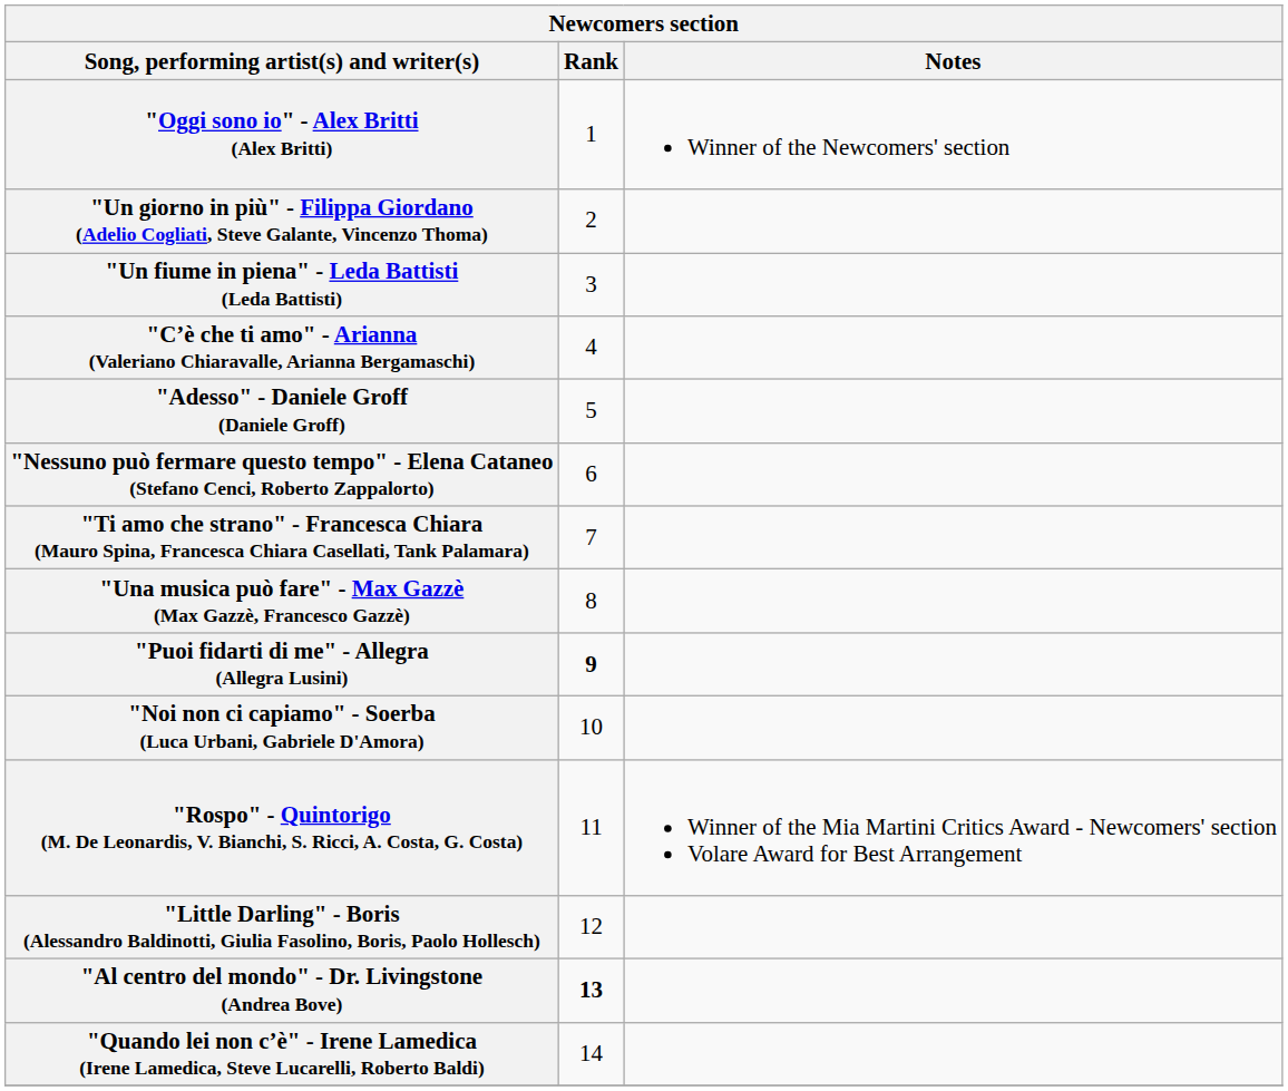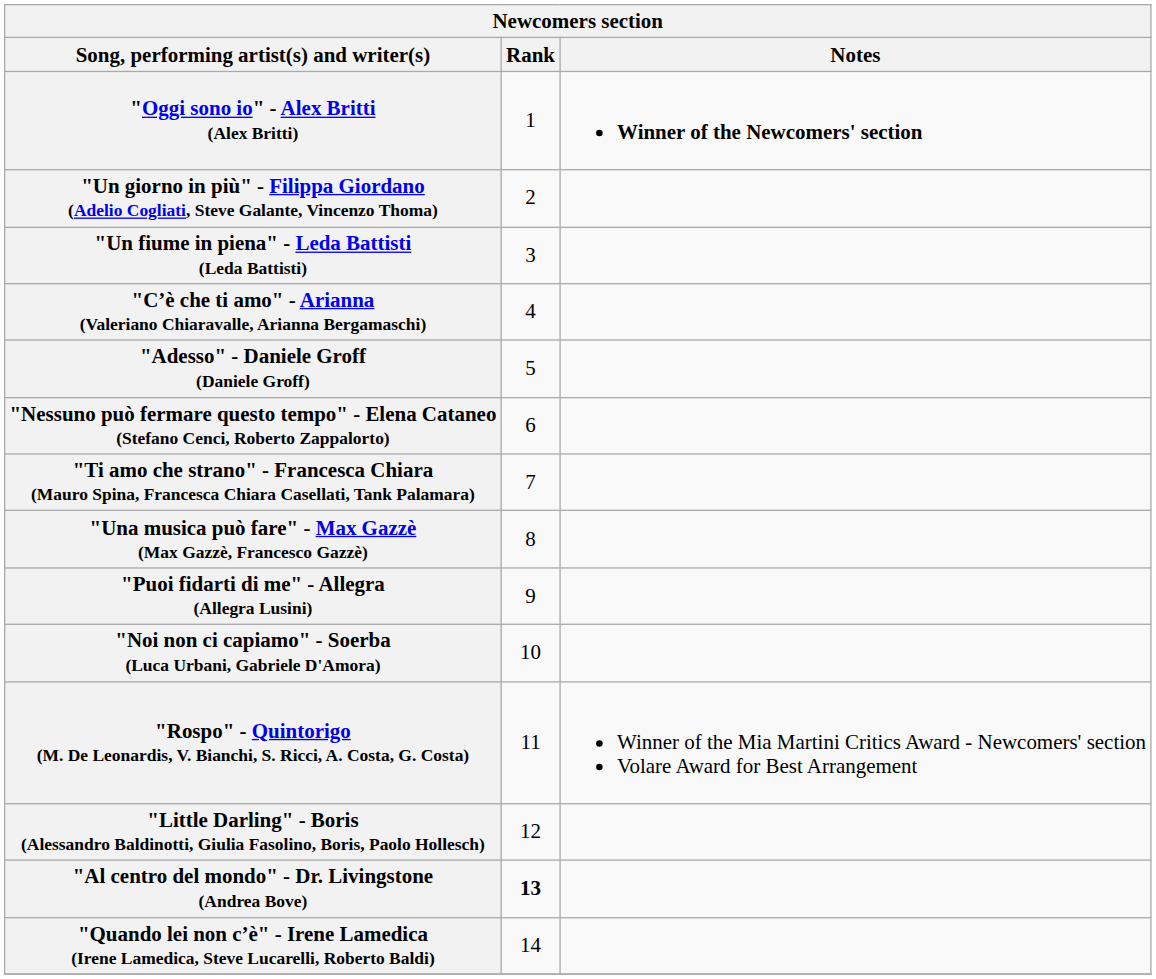 <table class="plainrowheaders wikitable">
 <tr>
 <th colspan="3">Newcomers section</th>
 </tr>
 <tr>
 <th>Song, performing artist(s) and writer(s)</th>
 <th>Rank</th>
 <th>Notes</th>
 </tr>
 <tr>
 <th scope="row">"<a href='#'>Oggi sono io</a>" - <a href='#'>Alex Britti</a>   <br><small> (Alex Britti)</small></th>
 <td style="text-align:center;">1</td>
-<td><br><ul><li>Winner of the Newcomers' section</li></ul></td>
+<td><strong><br><ul><li>Winner of the Newcomers' section</li></ul></strong></td>
 </tr>
 <tr>
 <th scope="row">"Un giorno in più" -  <a href='#'>Filippa Giordano</a> <br><small>  	(<a href='#'>Adelio Cogliati</a>, Steve Galante,  Vincenzo Thoma)</small></th>
 <td style="text-align:center;">2</td>
 <td></td>
 </tr>
 <tr>
 <th scope="row">"Un fiume in piena" -  <a href='#'>Leda Battisti</a> <br><small> (Leda Battisti)</small></th>
 <td style="text-align:center;">3</td>
 <td></td>
 </tr>
 <tr>
 <th scope="row">"C’è che ti amo" -  <a href='#'>Arianna</a> <br><small>(Valeriano Chiaravalle, Arianna Bergamaschi)</small></th>
 <td style="text-align:center;">4</td>
 <td></td>
 </tr>
 <tr>
 <th scope="row">"Adesso" -  Daniele Groff <br><small> (Daniele Groff)</small></th>
 <td style="text-align:center;">5</td>
 <td></td>
 </tr>
 <tr>
 <th scope="row">"Nessuno può fermare questo tempo" -  Elena Cataneo  <br><small> (Stefano Cenci, Roberto Zappalorto) </small></th>
 <td style="text-align:center;">6</td>
 <td></td>
 </tr>
 <tr>
 <th scope="row">"Ti amo che strano" -  Francesca Chiara<br><small> (Mauro Spina, Francesca Chiara Casellati, Tank Palamara)</small></th>
 <td style="text-align:center;">7</td>
 <td></td>
 </tr>
 <tr>
 <th scope="row">"Una musica può fare" -  <a href='#'>Max Gazzè</a> <br><small> (Max Gazzè, Francesco Gazzè)</small></th>
 <td style="text-align:center;">8</td>
 <td></td>
 </tr>
 <tr>
 <th scope="row">"Puoi fidarti di me" -  Allegra <br><small> (Allegra Lusini)</small></th>
-<td style="text-align:center;"><strong>9</strong></td>
+<td style="text-align:center;">9</td>
 <td></td>
 </tr>
 <tr>
 <th scope="row">"Noi non ci capiamo" - Soerba <br><small> (Luca Urbani, Gabriele D'Amora)</small></th>
 <td style="text-align:center;">10</td>
 <td></td>
 </tr>
 <tr>
 <th scope="row">"Rospo" -  <a href='#'>Quintorigo</a> <br><small> (M. De Leonardis, V. Bianchi, S. Ricci, A. Costa,  G. Costa)</small></th>
 <td style="text-align:center;">11</td>
 <td><br><ul><li>Winner of the Mia Martini Critics Award - Newcomers' section</li><li>Volare Award for Best  Arrangement</li></ul></td>
 </tr>
 <tr>
 <th scope="row">"Little Darling" -  Boris <br><small> (Alessandro Baldinotti, Giulia Fasolino, Boris, Paolo Hollesch)</small></th>
 <td style="text-align:center;">12</td>
 <td></td>
 </tr>
 <tr>
 <th scope="row">"Al centro del mondo" -   	Dr. Livingstone <br><small> (Andrea Bove)</small></th>
 <td style="text-align:center;"><strong>13</strong></td>
 <td></td>
 </tr>
 <tr>
 <th scope="row">"Quando lei non c’è" -  Irene Lamedica  <br><small> (Irene Lamedica, Steve Lucarelli, Roberto Baldi)</small></th>
 <td style="text-align:center;">14</td>
 <td></td>
 </tr>
 <tr>
 </tr>
 </table>
